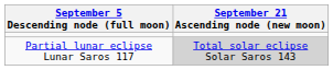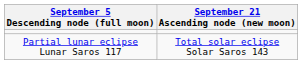 <table class="wikitable">
 <tr>
 <th><a href='#'>September 5</a><br>Descending node (full moon)</th>
 <th><a href='#'>September 21</a><br>Ascending node (new moon)</th>
 </tr>
 <tr>
 <td></td>
 <td></td>
 </tr>
 <tr align=center>
 <td><a href='#'>Partial lunar eclipse</a><br>Lunar Saros 117</td>
-<td style="background: lightgrey;"><a href='#'>Total solar eclipse</a><br>Solar Saros 143</td>
+<td><a href='#'>Total solar eclipse</a><br>Solar Saros 143</td>
 </tr>
 </table>
